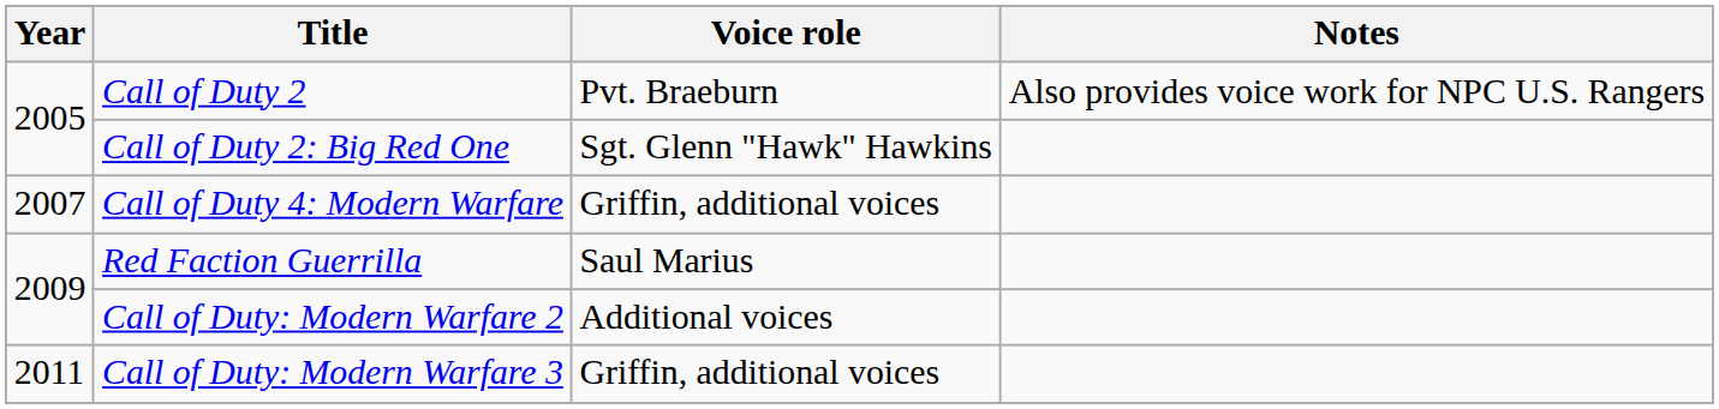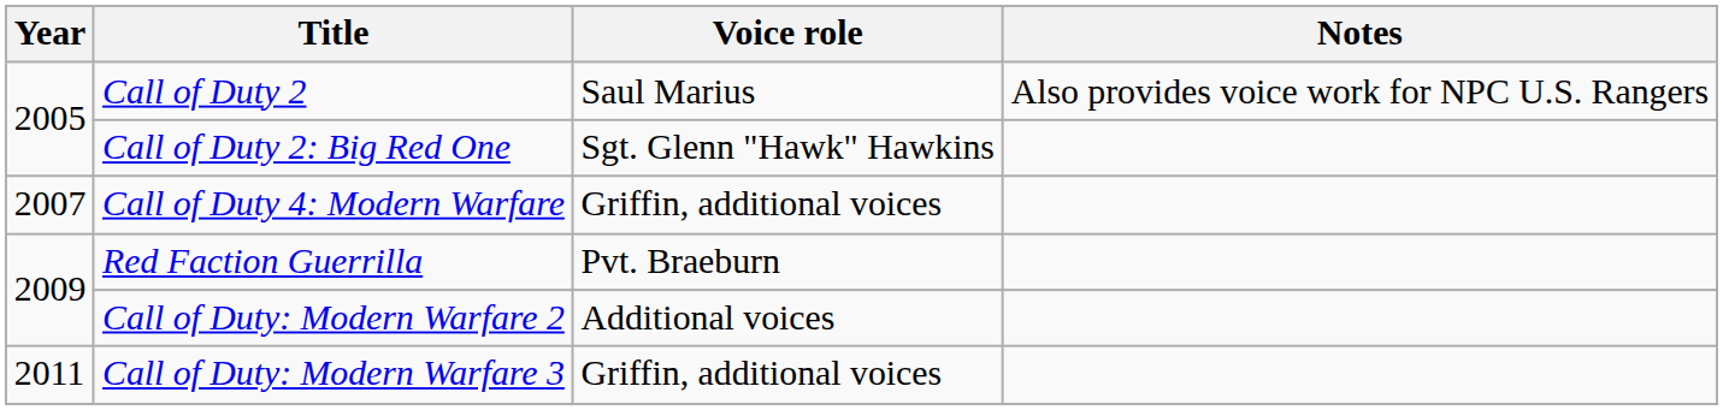 <table class="wikitable sortable">
 <tr>
 <th>Year</th>
 <th>Title</th>
 <th>Voice role</th>
 <th class="unsortable">Notes</th>
 </tr>
 <tr>
 <td rowspan=2>2005</td>
 <td><em><a href='#'>Call of Duty 2</a></em></td>
-<td>Pvt. Braeburn</td>
+<td>Saul Marius</td>
 <td>Also provides voice work for NPC U.S. Rangers</td>
 </tr>
 <tr>
 <td><em><a href='#'>Call of Duty 2: Big Red One</a></em></td>
 <td>Sgt. Glenn "Hawk" Hawkins</td>
 <td></td>
 </tr>
 <tr>
 <td>2007</td>
 <td><em><a href='#'>Call of Duty 4: Modern Warfare</a></em></td>
 <td>Griffin, additional voices</td>
 <td></td>
 </tr>
 <tr>
 <td rowspan=2>2009</td>
 <td><em><a href='#'>Red Faction Guerrilla</a></em></td>
-<td>Saul Marius</td>
+<td>Pvt. Braeburn</td>
 <td></td>
 </tr>
 <tr>
 <td><em><a href='#'>Call of Duty: Modern Warfare 2</a></em></td>
 <td>Additional voices</td>
 <td></td>
 </tr>
 <tr>
 <td>2011</td>
 <td><em><a href='#'>Call of Duty: Modern Warfare 3</a></em></td>
 <td>Griffin, additional voices</td>
 <td></td>
 </tr>
 </table>
